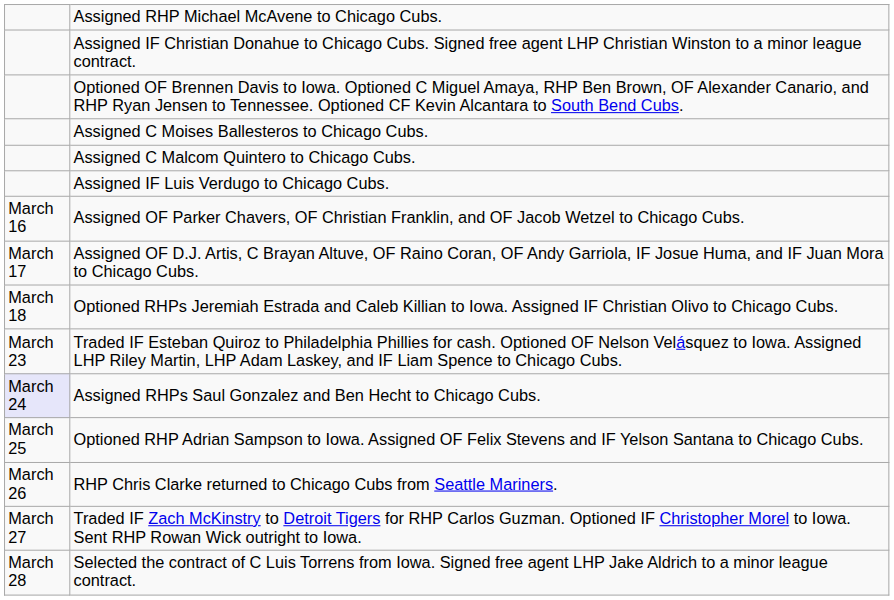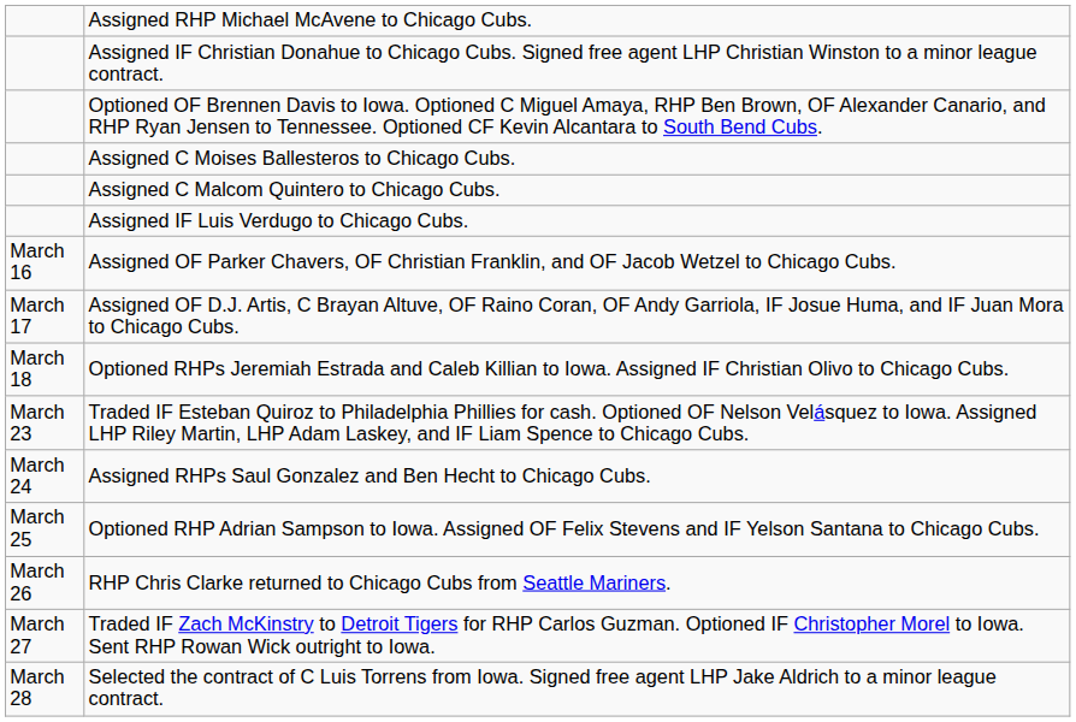 <table class="wikitable">
 <tr>
 <td></td>
 <td>Assigned RHP Michael McAvene to Chicago Cubs.</td>
 </tr>
 <tr>
 <td></td>
 <td>Assigned IF Christian Donahue to Chicago Cubs. Signed free agent LHP Christian Winston to a minor league contract.</td>
 </tr>
 <tr>
 <td></td>
 <td>Optioned OF Brennen Davis to Iowa. Optioned C Miguel Amaya, RHP Ben Brown, OF Alexander Canario, and RHP Ryan Jensen to Tennessee. Optioned CF Kevin Alcantara to <a href='#'>South Bend Cubs</a>.</td>
 </tr>
 <tr>
 <td></td>
 <td>Assigned C Moises Ballesteros to Chicago Cubs.</td>
 </tr>
 <tr>
 <td></td>
 <td>Assigned C Malcom Quintero to Chicago Cubs.</td>
 </tr>
 <tr>
 <td></td>
 <td>Assigned IF Luis Verdugo to Chicago Cubs.</td>
 </tr>
 <tr>
 <td>March 16</td>
 <td>Assigned OF Parker Chavers, OF Christian Franklin, and OF Jacob Wetzel to Chicago Cubs.</td>
 </tr>
 <tr>
 <td>March 17</td>
 <td>Assigned OF D.J. Artis, C Brayan Altuve, OF Raino Coran, OF Andy Garriola, IF Josue Huma, and IF Juan Mora to Chicago Cubs.</td>
 </tr>
 <tr>
 <td>March 18</td>
 <td>Optioned RHPs Jeremiah Estrada and Caleb Killian to Iowa. Assigned IF Christian Olivo to Chicago Cubs.</td>
 </tr>
 <tr>
 <td>March 23</td>
 <td>Traded IF Esteban Quiroz to Philadelphia Phillies for cash. Optioned OF Nelson Vel<a href='#'>á</a>squez to Iowa. Assigned LHP Riley Martin, LHP Adam Laskey, and IF Liam Spence to Chicago Cubs.</td>
 </tr>
 <tr>
-<td style="background: lavender;">March 24</td>
+<td>March 24</td>
 <td>Assigned RHPs Saul Gonzalez and Ben Hecht to Chicago Cubs.</td>
 </tr>
 <tr>
 <td>March 25</td>
 <td>Optioned RHP Adrian Sampson to Iowa. Assigned OF Felix Stevens and IF Yelson Santana to Chicago Cubs.</td>
 </tr>
 <tr>
 <td>March 26</td>
 <td>RHP Chris Clarke returned to Chicago Cubs from <a href='#'>Seattle Mariners</a>.</td>
 </tr>
 <tr>
 <td>March 27</td>
 <td>Traded IF <a href='#'>Zach McKinstry</a> to <a href='#'>Detroit Tigers</a> for RHP Carlos Guzman. Optioned IF <a href='#'>Christopher Morel</a> to Iowa. Sent RHP Rowan Wick outright to Iowa.</td>
 </tr>
 <tr>
 <td>March 28</td>
 <td>Selected the contract of C Luis Torrens from Iowa. Signed free agent LHP Jake Aldrich to a minor league contract.</td>
 </tr>
 </table>
